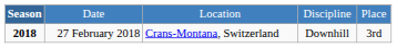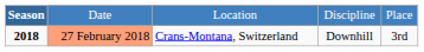 <table class="wikitable" style="font-size:95%; text-align:center; border:grey solid 1px; border-collapse:collapse;" width="40%">
 <tr style="background-color:#369; color:white;">
 <td rowspan="2" colspan="1" width="5%"><strong>Season</strong></td>
 </tr>
 <tr style="background-color:#4180be; color:white;">
 <td>Date</td>
 <td>Location</td>
 <td>Discipline</td>
 <td>Place</td>
 </tr>
 <tr>
 <td><strong>2018</strong></td>
-<td align=right>27 February 2018</td>
+<td align=right style="background: lightsalmon;">27 February 2018</td>
 <td align=left> <a href='#'>Crans-Montana</a>, Switzerland</td>
 <td>Downhill</td>
 <td>3rd</td>
 </tr>
 </table>
